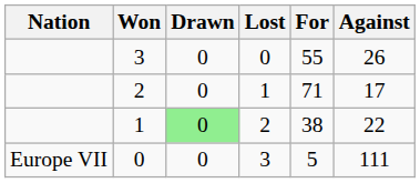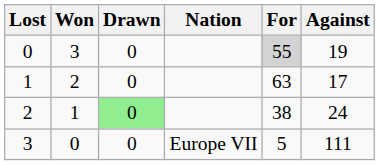 <table class="wikitable" style="text-align: center;">
 <tr>
-<th>Nation</th>
+<th>Lost</th>
 <th>Won</th>
 <th>Drawn</th>
-<th>Lost</th>
+<th>Nation</th>
 <th>For</th>
 <th>Against</th>
 </tr>
 <tr>
+<td>0</td>
+<td>3</td>
+<td>0</td>
 <td align="left"></td>
+<td style="background: lightgrey;">55</td>
+<td>19</td>
+</tr>
+<tr>
+<td>1</td>
+<td>2</td>
+<td>0</td>
+<td align="left"></td>
+<td>63</td>
+<td>17</td>
+</tr>
+<tr>
+<td>2</td>
+<td>1</td>
+<td style="background: lightgreen;">0</td>
+<td align="left"></td>
+<td>38</td>
+<td>24</td>
+</tr>
+<tr>
 <td>3</td>
 <td>0</td>
 <td>0</td>
-<td>55</td>
-<td>26</td>
-</tr>
-<tr>
-<td align="left"></td>
-<td>2</td>
-<td>0</td>
-<td>1</td>
-<td>71</td>
-<td>17</td>
-</tr>
-<tr>
-<td align="left"></td>
-<td>1</td>
-<td style="background: lightgreen;">0</td>
-<td>2</td>
-<td>38</td>
-<td>22</td>
-</tr>
-<tr>
 <td align="left">Europe VII</td>
-<td>0</td>
-<td>0</td>
-<td>3</td>
 <td>5</td>
 <td>111</td>
 </tr>
 </table>
